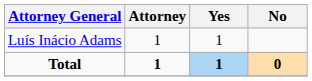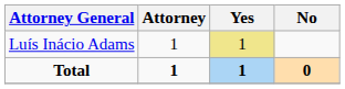 <table class="wikitable">
 <tr>
 <th><a href='#'>Attorney General</a></th>
 <th width="55pt">Attorney</th>
 <th width="55pt">Yes</th>
 <th width="55pt">No</th>
 </tr>
 <tr>
 <td align="left"><a href='#'>Luís Inácio Adams</a></td>
 <td align="center">1</td>
-<td align="center">1</td>
+<td align="center" style="background: khaki;">1</td>
 <td align="center"></td>
 </tr>
 <tr>
 <td align="center"><strong>Total</strong></td>
 <td align="center"><strong>1</strong></td>
 <td align="center" bgcolor="#abd5f5"><strong>1</strong></td>
 <td align="center" bgcolor="#FFDEAD"><strong>0</strong></td>
 </tr>
 <tr>
 </tr>
 </table>
